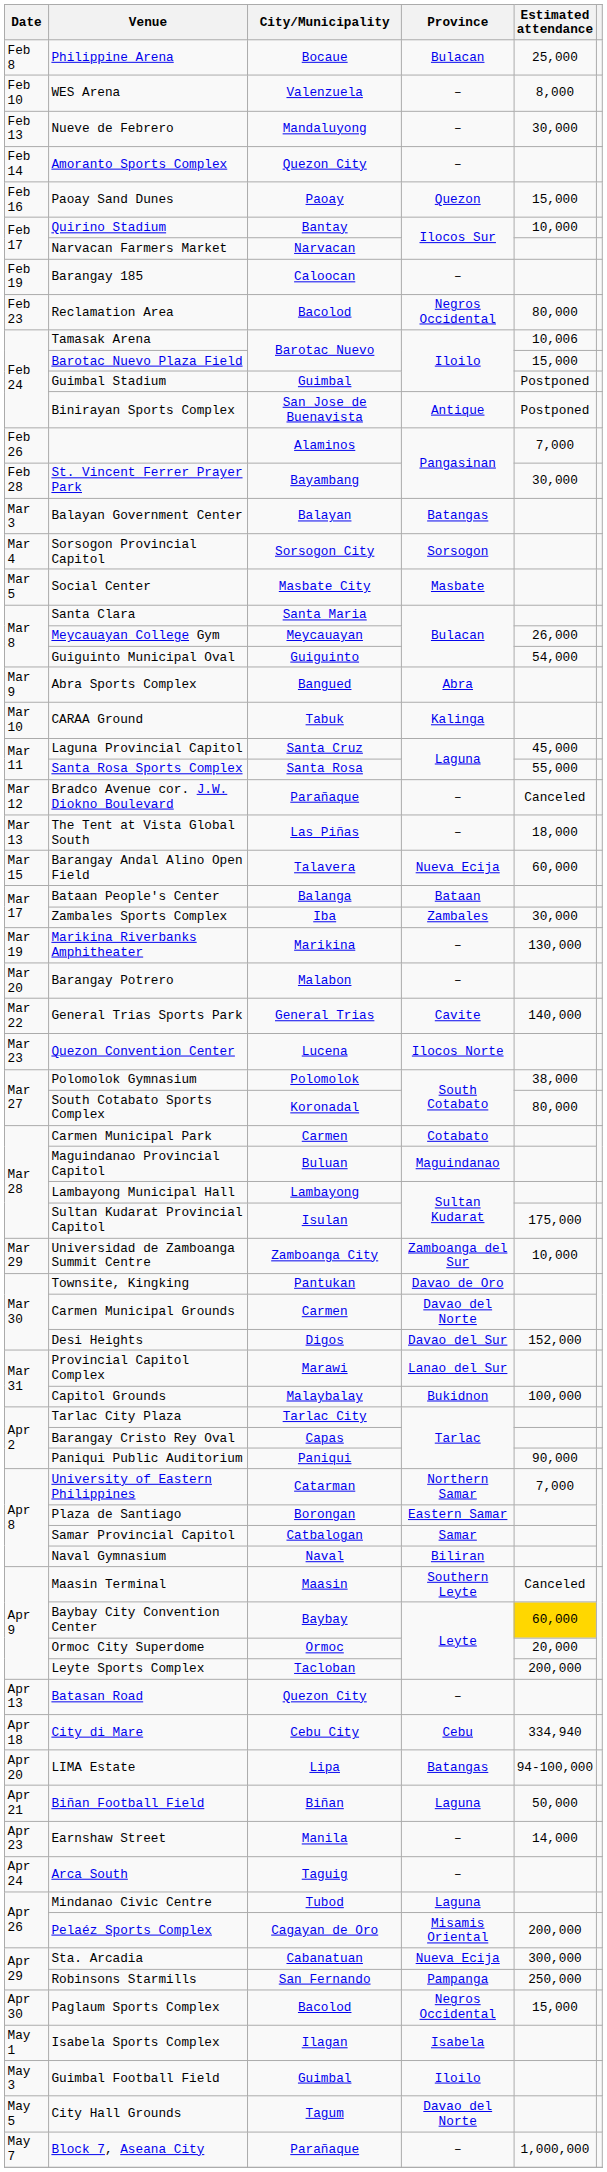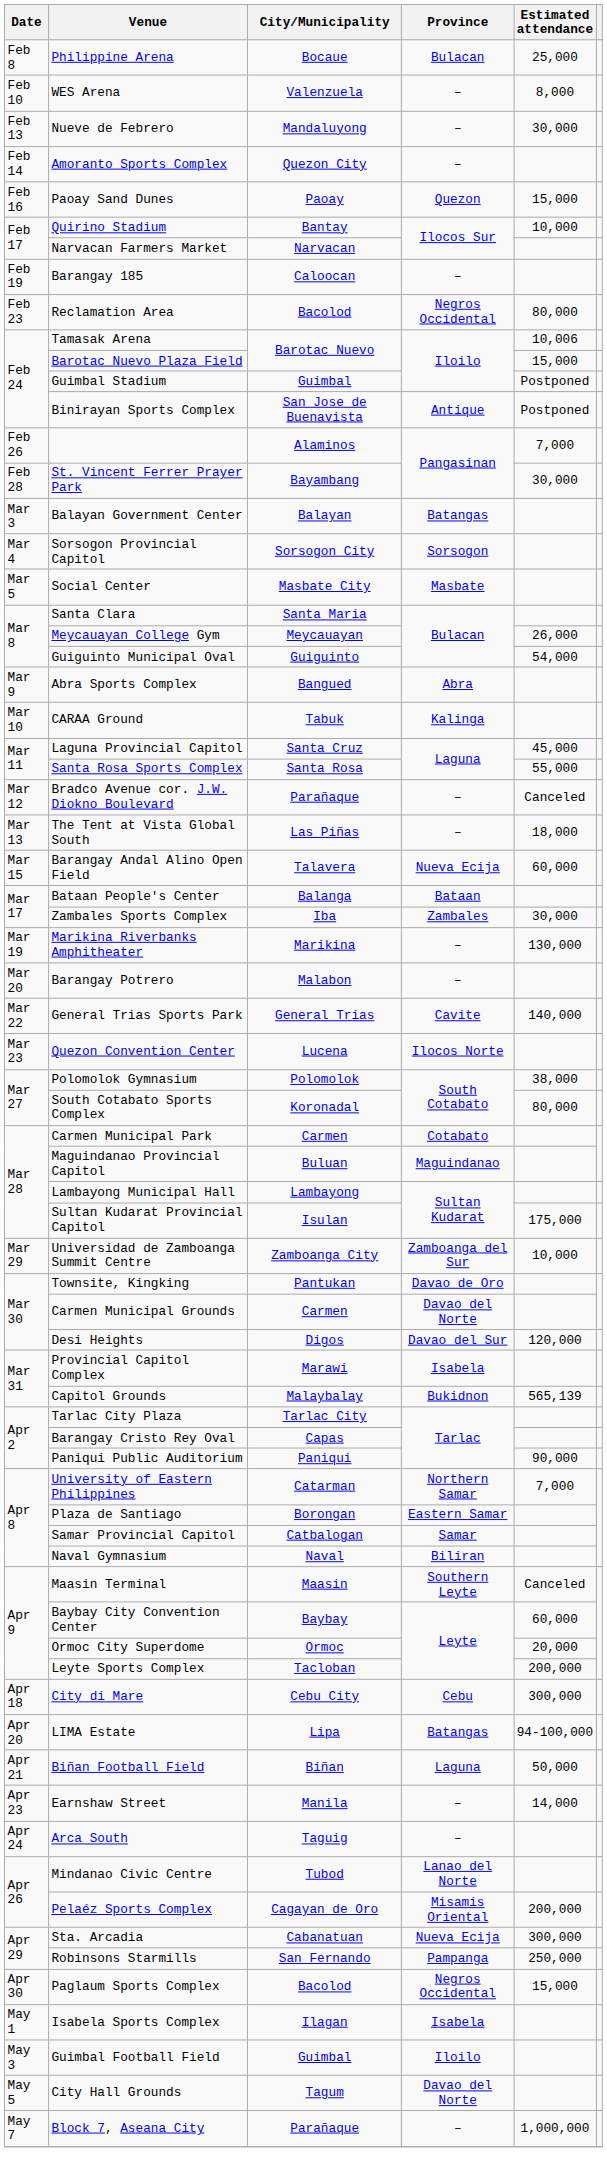 <table class="wikitable sortable mw-collapsible" style="text-align: center;">
 <tr>
 <th class="unsortable">Date</th>
 <th class="unsortable">Venue</th>
 <th class="unsortable">City/Municipality</th>
 <th class="unsortable">Province</th>
 <th>Estimated<br>attendance</th>
 <th class="unsortable"></th>
 </tr>
 <tr>
 <td style="text-align: left;">Feb 8</td>
 <td style="text-align: left;"><a href='#'>Philippine Arena</a></td>
 <td><a href='#'>Bocaue</a></td>
 <td><a href='#'>Bulacan</a></td>
 <td>25,000</td>
 <td></td>
 </tr>
 <tr>
 <td style="text-align: left;">Feb 10</td>
 <td style="text-align: left;">WES Arena</td>
 <td><a href='#'>Valenzuela</a></td>
 <td>–</td>
 <td>8,000</td>
 <td></td>
 </tr>
 <tr>
 <td style="text-align: left;">Feb 13</td>
 <td style="text-align: left;">Nueve de Febrero</td>
 <td><a href='#'>Mandaluyong</a></td>
 <td>–</td>
 <td>30,000</td>
 <td></td>
 </tr>
 <tr>
 <td style="text-align: left;">Feb 14</td>
 <td style="text-align: left;"><a href='#'>Amoranto Sports Complex</a></td>
 <td><a href='#'>Quezon City</a></td>
 <td>–</td>
 <td></td>
 <td></td>
 </tr>
 <tr>
 <td style="text-align: left;">Feb 16</td>
 <td style="text-align: left;">Paoay Sand Dunes</td>
 <td><a href='#'>Paoay</a></td>
 <td><a href='#'>Quezon</a></td>
 <td>15,000</td>
 <td></td>
 </tr>
 <tr>
 <td rowspan="2" style="text-align: left;">Feb 17</td>
 <td style="text-align: left;"><a href='#'>Quirino Stadium</a></td>
 <td><a href='#'>Bantay</a></td>
 <td rowspan="2"><a href='#'>Ilocos Sur</a></td>
 <td>10,000</td>
 <td></td>
 </tr>
 <tr>
 <td style="text-align: left;">Narvacan Farmers Market</td>
 <td><a href='#'>Narvacan</a></td>
 <td></td>
 <td></td>
 </tr>
 <tr>
 <td style="text-align: left;">Feb 19</td>
 <td style="text-align: left;">Barangay 185</td>
 <td><a href='#'>Caloocan</a></td>
 <td>–</td>
 <td></td>
 <td></td>
 </tr>
 <tr>
 <td style="text-align: left;">Feb 23</td>
 <td style="text-align: left;">Reclamation Area</td>
 <td><a href='#'>Bacolod</a></td>
 <td><a href='#'>Negros Occidental</a></td>
 <td>80,000</td>
 <td></td>
 </tr>
 <tr>
 <td rowspan="4" style="text-align: left;">Feb 24</td>
 <td style="text-align: left;">Tamasak Arena</td>
 <td rowspan="2"><a href='#'>Barotac Nuevo</a></td>
 <td rowspan="3"><a href='#'>Iloilo</a></td>
 <td>10,006</td>
 <td></td>
 </tr>
 <tr>
 <td style="text-align: left;"><a href='#'>Barotac Nuevo Plaza Field</a></td>
 <td>15,000</td>
 <td></td>
 </tr>
 <tr>
 <td style="text-align: left;">Guimbal Stadium</td>
 <td><a href='#'>Guimbal</a></td>
 <td>Postponed</td>
 <td></td>
 </tr>
 <tr>
 <td style="text-align: left;">Binirayan Sports Complex</td>
 <td><a href='#'>San Jose de Buenavista</a></td>
 <td><a href='#'>Antique</a></td>
 <td>Postponed</td>
 <td></td>
 </tr>
 <tr>
 <td style="text-align: left;">Feb 26</td>
 <td style="text-align: left;"></td>
 <td><a href='#'>Alaminos</a></td>
 <td rowspan="2"><a href='#'>Pangasinan</a></td>
 <td>7,000</td>
 <td></td>
 </tr>
 <tr>
 <td style="text-align: left;">Feb 28</td>
 <td style="text-align: left;"><a href='#'>St. Vincent Ferrer Prayer Park</a></td>
 <td><a href='#'>Bayambang</a></td>
 <td>30,000</td>
 <td></td>
 </tr>
 <tr>
 <td style="text-align: left;">Mar 3</td>
 <td style="text-align: left;">Balayan Government Center</td>
 <td><a href='#'>Balayan</a></td>
 <td><a href='#'>Batangas</a></td>
 <td></td>
 <td></td>
 </tr>
 <tr>
 <td style="text-align: left;">Mar 4</td>
 <td style="text-align: left;">Sorsogon Provincial Capitol</td>
 <td><a href='#'>Sorsogon City</a></td>
 <td><a href='#'>Sorsogon</a></td>
 <td></td>
 <td></td>
 </tr>
 <tr>
 <td style="text-align: left;">Mar 5</td>
 <td style="text-align: left;">Social Center</td>
 <td><a href='#'>Masbate City</a></td>
 <td><a href='#'>Masbate</a></td>
 <td></td>
 <td></td>
 </tr>
 <tr>
 <td rowspan="3" style="text-align: left;">Mar 8</td>
 <td style="text-align: left;">Santa Clara</td>
 <td><a href='#'>Santa Maria</a></td>
 <td rowspan="3"><a href='#'>Bulacan</a></td>
 <td></td>
 <td></td>
 </tr>
 <tr>
 <td style="text-align: left;"><a href='#'>Meycauayan College</a> Gym</td>
 <td><a href='#'>Meycauayan</a></td>
 <td>26,000</td>
 <td></td>
 </tr>
 <tr>
 <td style="text-align: left;">Guiguinto Municipal Oval</td>
 <td><a href='#'>Guiguinto</a></td>
 <td>54,000</td>
 <td></td>
 </tr>
 <tr>
 <td style="text-align: left;">Mar 9</td>
 <td style="text-align: left;">Abra Sports Complex</td>
 <td><a href='#'>Bangued</a></td>
 <td><a href='#'>Abra</a></td>
 <td></td>
 <td></td>
 </tr>
 <tr>
 <td style="text-align: left;">Mar 10</td>
 <td style="text-align: left;">CARAA Ground</td>
 <td><a href='#'>Tabuk</a></td>
 <td><a href='#'>Kalinga</a></td>
 <td></td>
 <td></td>
 </tr>
 <tr>
 <td rowspan="2" style="text-align: left;">Mar 11</td>
 <td style="text-align: left;">Laguna Provincial Capitol</td>
 <td><a href='#'>Santa Cruz</a></td>
 <td rowspan="2"><a href='#'>Laguna</a></td>
 <td>45,000</td>
 <td></td>
 </tr>
 <tr>
 <td style="text-align: left;"><a href='#'>Santa Rosa Sports Complex</a></td>
 <td><a href='#'>Santa Rosa</a></td>
 <td>55,000</td>
 <td></td>
 </tr>
 <tr>
 <td style="text-align: left;">Mar 12</td>
 <td style="text-align: left;">Bradco Avenue cor. <a href='#'>J.W. Diokno Boulevard</a></td>
 <td><a href='#'>Parañaque</a></td>
 <td>–</td>
 <td>Canceled</td>
 <td></td>
 </tr>
 <tr>
 <td style="text-align: left;">Mar 13</td>
 <td style="text-align: left;">The Tent at Vista Global South</td>
 <td><a href='#'>Las Piñas</a></td>
 <td>–</td>
 <td>18,000</td>
 <td></td>
 </tr>
 <tr>
 <td style="text-align: left;">Mar 15</td>
 <td style="text-align: left;">Barangay Andal Alino Open Field</td>
 <td><a href='#'>Talavera</a></td>
 <td><a href='#'>Nueva Ecija</a></td>
 <td>60,000</td>
 <td></td>
 </tr>
 <tr>
 <td rowspan="2" style="text-align: left;">Mar 17</td>
 <td style="text-align: left;">Bataan People's Center</td>
 <td><a href='#'>Balanga</a></td>
 <td><a href='#'>Bataan</a></td>
 <td></td>
 <td></td>
 </tr>
 <tr>
 <td style="text-align: left;">Zambales Sports Complex</td>
 <td><a href='#'>Iba</a></td>
 <td><a href='#'>Zambales</a></td>
 <td>30,000</td>
 <td></td>
 </tr>
 <tr>
 <td style="text-align: left;">Mar 19</td>
 <td style="text-align: left;"><a href='#'>Marikina Riverbanks Amphitheater</a></td>
 <td><a href='#'>Marikina</a></td>
 <td>–</td>
 <td>130,000</td>
 <td></td>
 </tr>
 <tr>
 <td style="text-align: left;">Mar 20</td>
 <td style="text-align: left;">Barangay Potrero</td>
 <td><a href='#'>Malabon</a></td>
 <td>–</td>
 <td></td>
 <td></td>
 </tr>
 <tr>
 <td style="text-align: left;">Mar 22</td>
 <td style="text-align: left;">General Trias Sports Park</td>
 <td><a href='#'>General Trias</a></td>
 <td><a href='#'>Cavite</a></td>
 <td>140,000</td>
 <td></td>
 </tr>
 <tr>
 <td style="text-align: left;">Mar 23</td>
 <td style="text-align: left;"><a href='#'>Quezon Convention Center</a></td>
 <td><a href='#'>Lucena</a></td>
 <td><a href='#'>Ilocos Norte</a></td>
 <td></td>
 <td></td>
 </tr>
 <tr>
 <td rowspan="2" style="text-align: left;">Mar 27</td>
 <td style="text-align: left;">Polomolok Gymnasium</td>
 <td><a href='#'>Polomolok</a></td>
 <td rowspan="2"><a href='#'>South Cotabato</a></td>
 <td>38,000</td>
 <td></td>
 </tr>
 <tr>
 <td style="text-align: left;">South Cotabato Sports Complex</td>
 <td><a href='#'>Koronadal</a></td>
 <td>80,000</td>
 <td></td>
 </tr>
 <tr>
 <td rowspan="4" style="text-align: left;">Mar 28</td>
 <td style="text-align: left;">Carmen Municipal Park</td>
 <td><a href='#'>Carmen</a></td>
 <td><a href='#'>Cotabato</a></td>
 <td></td>
 <td rowspan="2"></td>
 </tr>
 <tr>
 <td style="text-align: left;">Maguindanao Provincial Capitol</td>
 <td><a href='#'>Buluan</a></td>
 <td><a href='#'>Maguindanao</a></td>
 <td></td>
 </tr>
 <tr>
 <td style="text-align: left;">Lambayong Municipal Hall</td>
 <td><a href='#'>Lambayong</a></td>
 <td rowspan="2"><a href='#'>Sultan Kudarat</a></td>
 <td></td>
 <td></td>
 </tr>
 <tr>
 <td style="text-align: left;">Sultan Kudarat Provincial Capitol</td>
 <td><a href='#'>Isulan</a></td>
 <td>175,000</td>
 <td></td>
 </tr>
 <tr>
 <td style="text-align: left;">Mar 29</td>
 <td style="text-align: left;">Universidad de Zamboanga Summit Centre</td>
 <td><a href='#'>Zamboanga City</a></td>
 <td><a href='#'>Zamboanga del Sur</a></td>
 <td>10,000</td>
 <td></td>
 </tr>
 <tr>
 <td rowspan="3" style="text-align: left;">Mar 30</td>
 <td style="text-align: left;">Townsite, Kingking</td>
 <td><a href='#'>Pantukan</a></td>
 <td><a href='#'>Davao de Oro</a></td>
 <td></td>
 <td rowspan="2"></td>
 </tr>
 <tr>
 <td style="text-align: left;">Carmen Municipal Grounds</td>
 <td><a href='#'>Carmen</a></td>
 <td><a href='#'>Davao del Norte</a></td>
 <td></td>
 </tr>
 <tr>
 <td style="text-align: left;">Desi Heights</td>
 <td><a href='#'>Digos</a></td>
 <td><a href='#'>Davao del Sur</a></td>
-<td>152,000</td>
+<td>120,000</td>
 <td></td>
 </tr>
 <tr>
 <td rowspan="2" style="text-align: left;">Mar 31</td>
 <td style="text-align: left;">Provincial Capitol Complex</td>
 <td><a href='#'>Marawi</a></td>
-<td><a href='#'>Lanao del Sur</a></td>
+<td><a href='#'>Isabela</a></td>
 <td></td>
 <td></td>
 </tr>
 <tr>
 <td style="text-align: left;">Capitol Grounds</td>
 <td><a href='#'>Malaybalay</a></td>
 <td><a href='#'>Bukidnon</a></td>
-<td>100,000</td>
+<td>565,139</td>
 <td></td>
 </tr>
 <tr>
 <td rowspan="3" style="text-align: left;">Apr 2</td>
 <td style="text-align: left;">Tarlac City Plaza</td>
 <td><a href='#'>Tarlac City</a></td>
 <td rowspan="3"><a href='#'>Tarlac</a></td>
 <td></td>
 <td></td>
 </tr>
 <tr>
 <td style="text-align: left;">Barangay Cristo Rey Oval</td>
 <td><a href='#'>Capas</a></td>
 <td></td>
 <td></td>
 </tr>
 <tr>
 <td style="text-align: left;">Paniqui Public Auditorium</td>
 <td><a href='#'>Paniqui</a></td>
 <td>90,000</td>
 <td></td>
 </tr>
 <tr>
 <td rowspan="4" style="text-align: left;">Apr 8</td>
 <td style="text-align: left;"><a href='#'>University of Eastern Philippines</a></td>
 <td><a href='#'>Catarman</a></td>
 <td><a href='#'>Northern Samar</a></td>
 <td>7,000</td>
 <td rowspan="4"></td>
 </tr>
 <tr>
 <td style="text-align: left;">Plaza de Santiago</td>
 <td><a href='#'>Borongan</a></td>
 <td><a href='#'>Eastern Samar</a></td>
 <td></td>
 </tr>
 <tr>
 <td style="text-align: left;">Samar Provincial Capitol</td>
 <td><a href='#'>Catbalogan</a></td>
 <td><a href='#'>Samar</a></td>
 <td></td>
 </tr>
 <tr>
 <td style="text-align: left;">Naval Gymnasium</td>
 <td><a href='#'>Naval</a></td>
 <td><a href='#'>Biliran</a></td>
 <td></td>
 </tr>
 <tr>
 <td rowspan="4" style="text-align: left;">Apr 9</td>
 <td style="text-align: left;">Maasin Terminal</td>
 <td><a href='#'>Maasin</a></td>
 <td><a href='#'>Southern Leyte</a></td>
 <td>Canceled</td>
 <td rowspan="4"></td>
 </tr>
 <tr>
 <td style="text-align: left;">Baybay City Convention Center</td>
 <td><a href='#'>Baybay</a></td>
 <td rowspan="3"><a href='#'>Leyte</a></td>
-<td style="background: gold;">60,000</td>
+<td>60,000</td>
 </tr>
 <tr>
 <td style="text-align: left;">Ormoc City Superdome</td>
 <td><a href='#'>Ormoc</a></td>
 <td>20,000</td>
 </tr>
 <tr>
 <td style="text-align: left;">Leyte Sports Complex</td>
 <td><a href='#'>Tacloban</a></td>
 <td>200,000</td>
 </tr>
 <tr>
-<td style="text-align: left;">Apr 13</td>
-<td style="text-align: left;"><a href='#'>Batasan Road</a></td>
-<td><a href='#'>Quezon City</a></td>
-<td>–</td>
-<td></td>
-<td></td>
-</tr>
-<tr>
 <td style="text-align: left;">Apr 18</td>
 <td style="text-align: left;"><a href='#'>City di Mare</a></td>
 <td><a href='#'>Cebu City</a></td>
 <td><a href='#'>Cebu</a></td>
-<td>334,940</td>
+<td>300,000</td>
 <td></td>
 </tr>
 <tr>
 <td style="text-align: left;">Apr 20</td>
 <td style="text-align: left;">LIMA Estate</td>
 <td><a href='#'>Lipa</a></td>
 <td><a href='#'>Batangas</a></td>
 <td>94-100,000</td>
 <td></td>
 </tr>
 <tr>
 <td style="text-align: left;">Apr 21</td>
 <td style="text-align: left;"><a href='#'>Biñan Football Field</a></td>
 <td><a href='#'>Biñan</a></td>
 <td><a href='#'>Laguna</a></td>
 <td>50,000</td>
 <td></td>
 </tr>
 <tr>
 <td style="text-align: left;">Apr 23</td>
 <td style="text-align: left;">Earnshaw Street</td>
 <td><a href='#'>Manila</a></td>
 <td>–</td>
 <td>14,000</td>
 <td></td>
 </tr>
 <tr>
 <td style="text-align: left;">Apr 24</td>
 <td style="text-align: left;"><a href='#'>Arca South</a></td>
 <td><a href='#'>Taguig</a></td>
 <td>–</td>
 <td></td>
 <td></td>
 </tr>
 <tr>
 <td rowspan="2" style="text-align: left;">Apr 26</td>
 <td style="text-align: left;">Mindanao Civic Centre</td>
 <td><a href='#'>Tubod</a></td>
-<td><a href='#'>Laguna</a></td>
+<td><a href='#'>Lanao del Norte</a></td>
 <td></td>
 <td></td>
 </tr>
 <tr>
 <td style="text-align: left;"><a href='#'>Pelaéz Sports Complex</a></td>
 <td><a href='#'>Cagayan de Oro</a></td>
 <td><a href='#'>Misamis Oriental</a></td>
 <td>200,000</td>
 <td></td>
 </tr>
 <tr>
 <td rowspan="2" style="text-align: left;">Apr 29</td>
 <td style="text-align: left;">Sta. Arcadia</td>
 <td><a href='#'>Cabanatuan</a></td>
 <td><a href='#'>Nueva Ecija</a></td>
 <td>300,000</td>
 <td></td>
 </tr>
 <tr>
 <td style="text-align: left;">Robinsons Starmills</td>
 <td><a href='#'>San Fernando</a></td>
 <td><a href='#'>Pampanga</a></td>
 <td>250,000</td>
 <td></td>
 </tr>
 <tr>
 <td style="text-align: left;">Apr 30</td>
 <td style="text-align: left;">Paglaum Sports Complex</td>
 <td><a href='#'>Bacolod</a></td>
 <td><a href='#'>Negros Occidental</a></td>
 <td>15,000</td>
 <td></td>
 </tr>
 <tr>
 <td style="text-align: left;">May 1</td>
 <td style="text-align: left;">Isabela Sports Complex</td>
 <td><a href='#'>Ilagan</a></td>
 <td><a href='#'>Isabela</a></td>
 <td></td>
 <td></td>
 </tr>
 <tr>
 <td style="text-align: left;">May 3</td>
 <td style="text-align: left;">Guimbal Football Field</td>
 <td><a href='#'>Guimbal</a></td>
 <td><a href='#'>Iloilo</a></td>
 <td></td>
 <td></td>
 </tr>
 <tr>
 <td style="text-align: left;">May 5</td>
 <td style="text-align: left;">City Hall Grounds</td>
 <td><a href='#'>Tagum</a></td>
 <td><a href='#'>Davao del Norte</a></td>
 <td></td>
 <td></td>
 </tr>
 <tr>
 <td style="text-align: left;">May 7</td>
 <td style="text-align: left;"><a href='#'>Block 7</a>, <a href='#'>Aseana City</a></td>
 <td><a href='#'>Parañaque</a></td>
 <td>–</td>
 <td>1,000,000</td>
 <td></td>
 </tr>
 <tr>
 </tr>
 </table>
